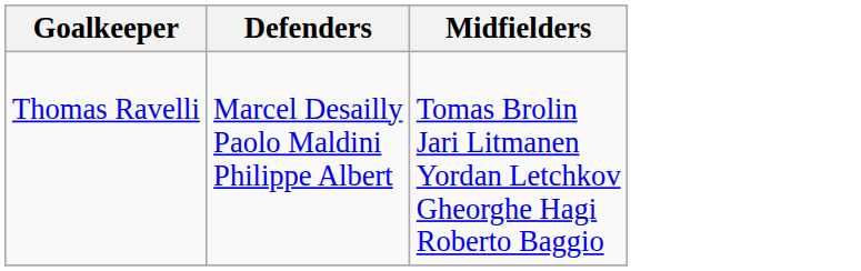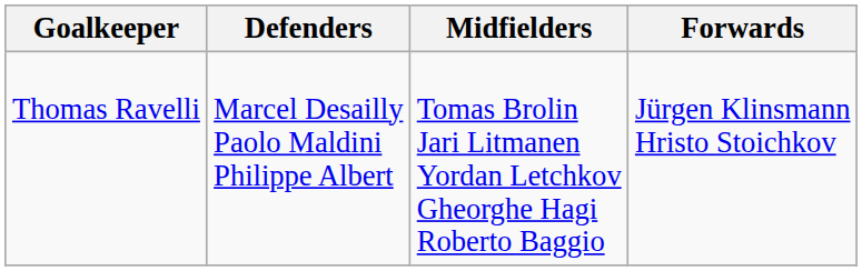 <table class="wikitable">
 <tr>
 <th>Goalkeeper</th>
 <th>Defenders</th>
 <th>Midfielders</th>
+<th>Forwards</th>
 </tr>
 <tr>
 <td valign=top><br> <a href='#'>Thomas Ravelli</a></td>
 <td valign=top><br> <a href='#'>Marcel Desailly</a> <br>  <a href='#'>Paolo Maldini</a> <br>  <a href='#'>Philippe Albert</a></td>
 <td valign=top><br> <a href='#'>Tomas Brolin</a> <br>  <a href='#'>Jari Litmanen</a> <br>  <a href='#'>Yordan Letchkov</a> <br>  <a href='#'>Gheorghe Hagi</a> <br>  <a href='#'>Roberto Baggio</a></td>
+<td valign=top><br> <a href='#'>Jürgen Klinsmann</a> <br>  <a href='#'>Hristo Stoichkov</a></td>
 </tr>
 </table>
